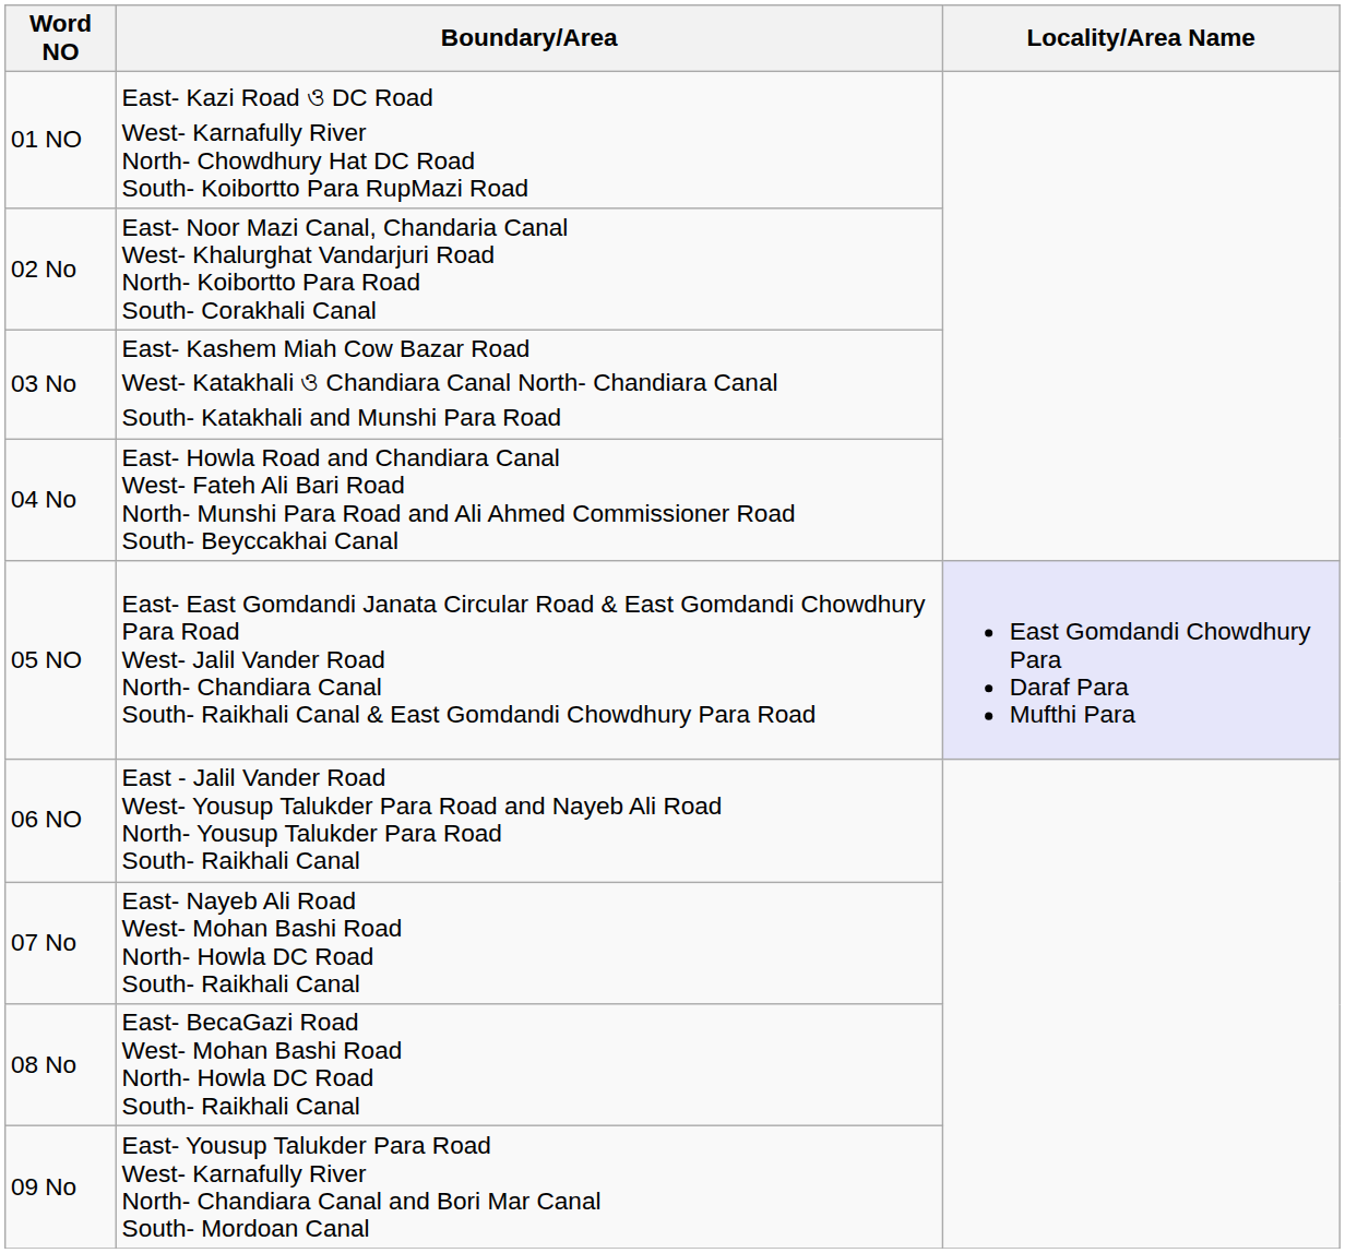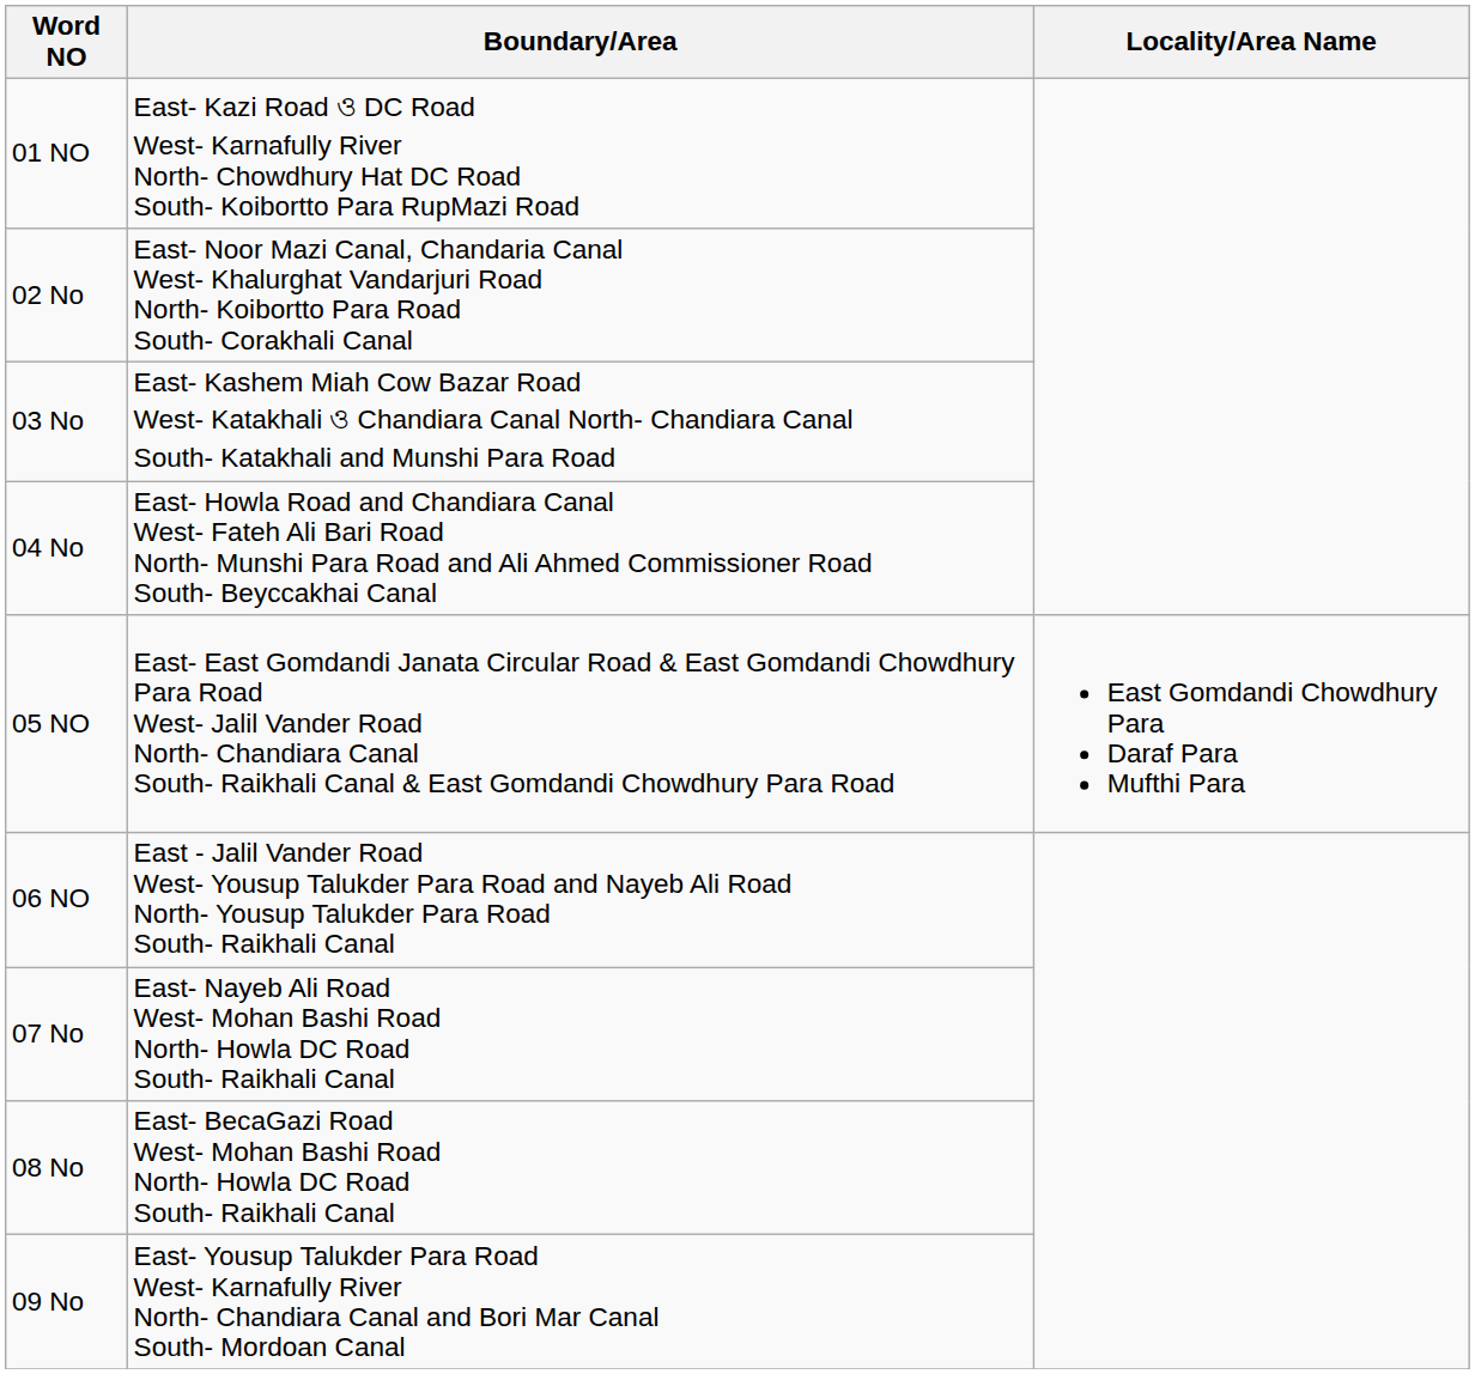 <table class="wikitable sortable">
 <tr>
 <th>Word NO</th>
 <th>Boundary/Area</th>
 <th>Locality/Area Name</th>
 </tr>
 <tr>
 <td>01 NO</td>
 <td>East- Kazi Road ও DC Road<br>West- Karnafully River<br>North- Chowdhury Hat DC Road<br>South- Koibortto Para RupMazi Road</td>
 </tr>
 <tr>
 <td>02 No</td>
 <td>East- Noor Mazi Canal, Chandaria Canal<br>West- Khalurghat Vandarjuri Road<br>North- Koibortto Para Road<br>South- Corakhali Canal</td>
 </tr>
 <tr>
 <td>03 No</td>
 <td>East- Kashem Miah Cow Bazar Road<br>West- Katakhali ও Chandiara Canal North- Chandiara Canal<br>South- Katakhali and Munshi Para Road</td>
 </tr>
 <tr>
 <td>04 No</td>
 <td>East- Howla Road and Chandiara Canal<br>West- Fateh Ali Bari Road<br>North- Munshi Para Road and Ali Ahmed Commissioner Road<br>South- Beyccakhai Canal</td>
 </tr>
 <tr>
 <td>05 NO</td>
 <td>East- East Gomdandi Janata Circular Road & East Gomdandi Chowdhury Para Road<br>West- Jalil Vander Road<br>North- Chandiara Canal<br>South- Raikhali Canal & East Gomdandi Chowdhury Para Road</td>
-<td style="background: lavender;"><br><ul><li>East Gomdandi Chowdhury Para</li><li>Daraf Para</li><li>Mufthi Para</li></ul></td>
+<td><br><ul><li>East Gomdandi Chowdhury Para</li><li>Daraf Para</li><li>Mufthi Para</li></ul></td>
 </tr>
 <tr>
 <td>06 NO</td>
 <td>East - Jalil Vander Road<br>West- Yousup Talukder Para Road and Nayeb Ali Road<br>North- Yousup Talukder Para Road<br>South- Raikhali Canal</td>
 </tr>
 <tr>
 <td>07 No</td>
 <td>East- Nayeb Ali Road<br>West- Mohan Bashi Road<br>North- Howla DC Road<br>South- Raikhali Canal</td>
 </tr>
 <tr>
 <td>08 No</td>
 <td>East- BecaGazi Road<br>West- Mohan Bashi Road<br>North- Howla DC Road<br>South- Raikhali Canal</td>
 </tr>
 <tr>
 <td>09 No</td>
 <td>East- Yousup Talukder Para Road<br>West- Karnafully River<br>North- Chandiara Canal and Bori Mar Canal<br>South- Mordoan Canal</td>
 </tr>
 </table>
